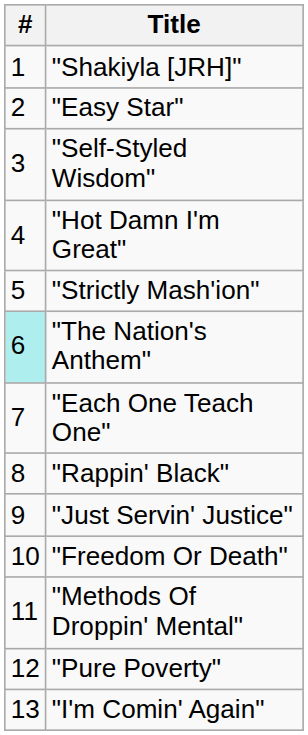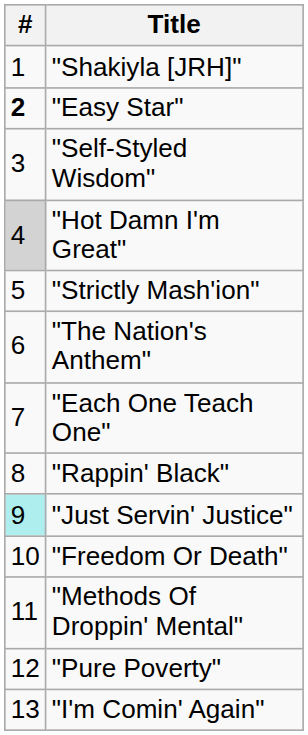 <table class="wikitable">
 <tr>
 <th align="center">#</th>
 <th align="center" width="150">Title</th>
 </tr>
 <tr>
 <td>1</td>
 <td>"Shakiyla [JRH]"</td>
 </tr>
 <tr>
-<td>2</td>
+<td><strong>2</strong></td>
 <td>"Easy Star"</td>
 </tr>
 <tr>
 <td>3</td>
 <td>"Self-Styled Wisdom"</td>
 </tr>
 <tr>
-<td>4</td>
+<td style="background: lightgrey;">4</td>
 <td>"Hot Damn I'm Great"</td>
 </tr>
 <tr>
 <td>5</td>
 <td>"Strictly Mash'ion"</td>
 </tr>
 <tr>
-<td style="background: paleturquoise;">6</td>
+<td>6</td>
 <td>"The Nation's Anthem"</td>
 </tr>
 <tr>
 <td>7</td>
 <td>"Each One Teach One"</td>
 </tr>
 <tr>
 <td>8</td>
 <td>"Rappin' Black"</td>
 </tr>
 <tr>
-<td>9</td>
+<td style="background: paleturquoise;">9</td>
 <td>"Just Servin' Justice"</td>
 </tr>
 <tr>
 <td>10</td>
 <td>"Freedom Or Death"</td>
 </tr>
 <tr>
 <td>11</td>
 <td>"Methods Of Droppin' Mental"</td>
 </tr>
 <tr>
 <td>12</td>
 <td>"Pure Poverty"</td>
 </tr>
 <tr>
 <td>13</td>
 <td>"I'm Comin' Again"</td>
 </tr>
 </table>
